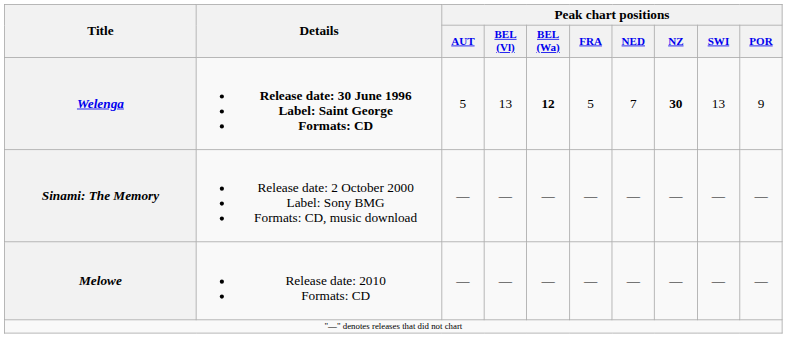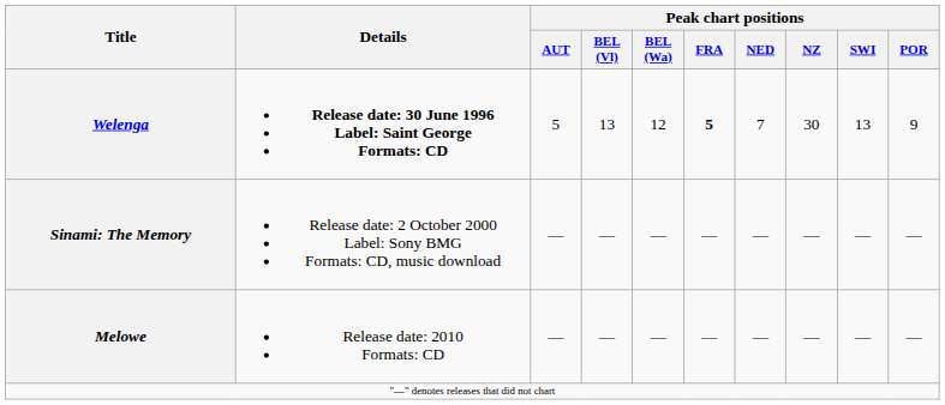 <table class="wikitable plainrowheaders" style="text-align:center;">
 <tr>
 <th rowspan="2" style="width:14em;">Title</th>
 <th rowspan="2" style="width:18em;">Details</th>
 <th colspan="8">Peak chart positions</th>
 </tr>
 <tr style="font-size:smaller;">
 <th style="width:45px;"><a href='#'>AUT</a></th>
 <th style="width:45px;"><a href='#'>BEL<br>(Vl)</a></th>
 <th style="width:45px;"><a href='#'>BEL<br>(Wa)</a></th>
 <th style="width:45px;"><a href='#'>FRA</a></th>
 <th style="width:45px;"><a href='#'>NED</a></th>
 <th style="width:45px;"><a href='#'>NZ</a></th>
 <th style="width:45px;"><a href='#'>SWI</a></th>
 <th style="width:45px;"><a href='#'>POR</a></th>
 </tr>
 <tr>
 <th scope="row"><em><a href='#'>Welenga</a></em></th>
 <td><strong><br><ul><li>Release date: 30 June 1996</li><li>Label: Saint George</li><li>Formats: CD</li></ul></strong></td>
 <td>5</td>
 <td>13</td>
-<td><strong>12</strong></td>
-<td>5</td>
+<td>12</td>
+<td><strong>5</strong></td>
 <td>7</td>
-<td><strong>30</strong></td>
+<td>30</td>
 <td>13</td>
 <td>9</td>
 </tr>
 <tr>
 <th scope="row"><em>Sinami: The Memory</em></th>
 <td><br><ul><li>Release date: 2 October 2000</li><li>Label: Sony BMG</li><li>Formats: CD, music download</li></ul></td>
 <td>—</td>
 <td>—</td>
 <td>—</td>
 <td>—</td>
 <td>—</td>
 <td>—</td>
 <td>—</td>
 <td>—</td>
 </tr>
 <tr>
 <th scope="row"><em>Melowe</em></th>
 <td><br><ul><li>Release date: 2010</li><li>Formats: CD</li></ul></td>
 <td>—</td>
 <td>—</td>
 <td>—</td>
 <td>—</td>
 <td>—</td>
 <td>—</td>
 <td>—</td>
 <td>—</td>
 </tr>
 <tr>
 <td colspan="15" style="font-size:8pt">"—" denotes releases that did not chart</td>
 </tr>
 </table>
